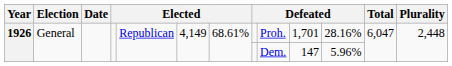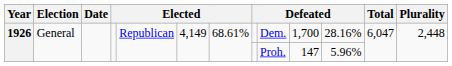 <table class=wikitable>
 <tr>
 <th>Year</th>
 <th>Election</th>
 <th>Date</th>
 <th ! colspan="4">Elected</th>
 <th ! colspan="4">Defeated</th>
 <th>Total</th>
 <th>Plurality</th>
 </tr>
 <tr>
 <th rowspan="2" valign="top">1926</th>
 <td rowspan="2" valign="top">General</td>
 <td rowspan="2" valign="top"></td>
 <td rowspan="2" valign="top"></td>
 <td rowspan="2" valign="top" ><a href='#'>Republican</a></td>
 <td rowspan="2" valign="top" align="right">4,149</td>
 <td rowspan="2" valign="top" align="right">68.61%</td>
 <td valign="top"></td>
-<td valign="top" ><a href='#'>Proh.</a></td>
-<td valign="top" align="right">1,701</td>
+<td valign="top" ><a href='#'>Dem.</a></td>
+<td valign="top" align="right">1,700</td>
 <td valign="top" align="right">28.16%</td>
 <td rowspan="2" valign="top" align="right">6,047</td>
 <td rowspan="2" valign="top" align="right">2,448</td>
 </tr>
 <tr>
 <td valign="top"></td>
-<td valign="top" ><a href='#'>Dem.</a></td>
+<td valign="top" ><a href='#'>Proh.</a></td>
 <td valign="top" align="right">147</td>
 <td valign="top" align="right">5.96%</td>
 </tr>
 </table>
